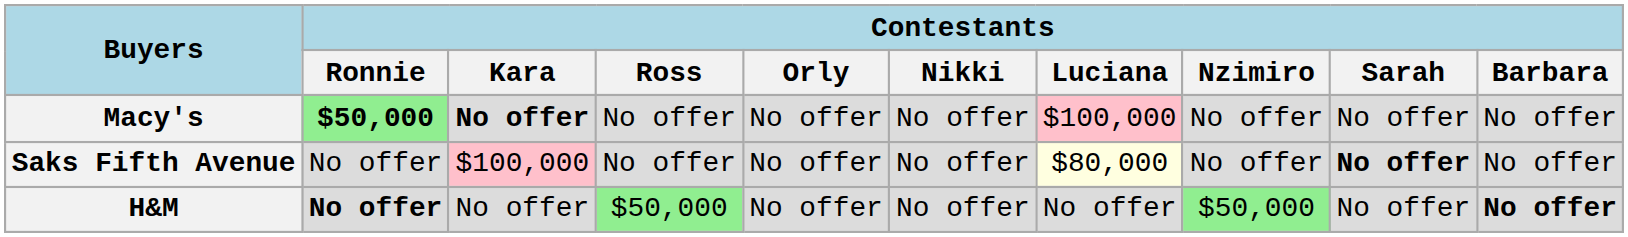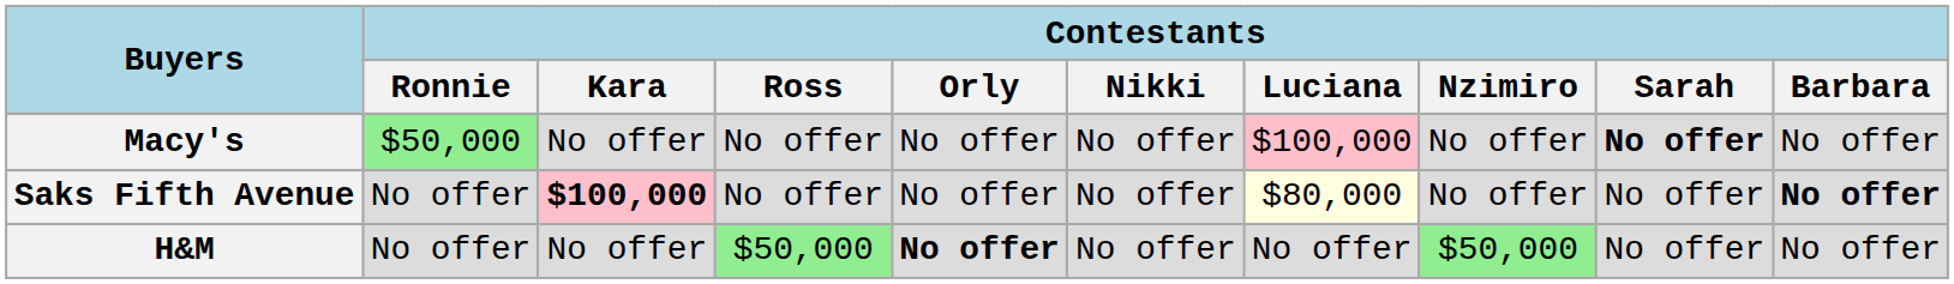 <table class="wikitable" style="text-align:center">
 <tr style="background:lightblue;">
 <td rowspan="2"><strong>Buyers</strong></td>
 <td colspan="10"><strong>Contestants</strong></td>
 </tr>
 <tr>
 <th>Ronnie</th>
 <th>Kara</th>
 <th>Ross</th>
 <th>Orly</th>
 <th>Nikki</th>
 <th>Luciana</th>
 <th>Nzimiro</th>
 <th>Sarah</th>
 <th>Barbara</th>
 </tr>
 <tr>
 <th>Macy's</th>
-<td style="background:lightgreen;"><strong>$50,000</strong></td>
-<td bgcolor=#DCDCDC><strong>No offer</strong></td>
+<td style="background:lightgreen;">$50,000</td>
+<td bgcolor=#DCDCDC>No offer</td>
 <td bgcolor=#DCDCDC>No offer</td>
 <td bgcolor=#DCDCDC>No offer</td>
 <td bgcolor=#DCDCDC>No offer</td>
 <td style="background:pink;">$100,000</td>
 <td bgcolor=#DCDCDC>No offer</td>
-<td bgcolor=#DCDCDC>No offer</td>
+<td bgcolor=#DCDCDC><strong>No offer</strong></td>
 <td bgcolor=#DCDCDC>No offer</td>
 </tr>
 <tr>
 <th>Saks Fifth Avenue</th>
 <td bgcolor=#DCDCDC>No offer</td>
-<td style="background:pink;">$100,000</td>
+<td style="background:pink;"><strong>$100,000</strong></td>
 <td bgcolor=#DCDCDC>No offer</td>
 <td bgcolor=#DCDCDC>No offer</td>
 <td bgcolor=#DCDCDC>No offer</td>
 <td style="background: lightyellow;">$80,000</td>
 <td bgcolor=#DCDCDC>No offer</td>
+<td bgcolor=#DCDCDC>No offer</td>
 <td bgcolor=#DCDCDC><strong>No offer</strong></td>
-<td bgcolor=#DCDCDC>No offer</td>
 </tr>
 <tr>
 <th>H&M</th>
+<td bgcolor=#DCDCDC>No offer</td>
+<td bgcolor=#DCDCDC>No offer</td>
+<td style="background:lightgreen;">$50,000</td>
 <td bgcolor=#DCDCDC><strong>No offer</strong></td>
+<td bgcolor=#DCDCDC>No offer</td>
 <td bgcolor=#DCDCDC>No offer</td>
 <td style="background:lightgreen;">$50,000</td>
 <td bgcolor=#DCDCDC>No offer</td>
 <td bgcolor=#DCDCDC>No offer</td>
-<td bgcolor=#DCDCDC>No offer</td>
-<td style="background:lightgreen;">$50,000</td>
-<td bgcolor=#DCDCDC>No offer</td>
-<td bgcolor=#DCDCDC><strong>No offer</strong></td>
 </tr>
 </table>
